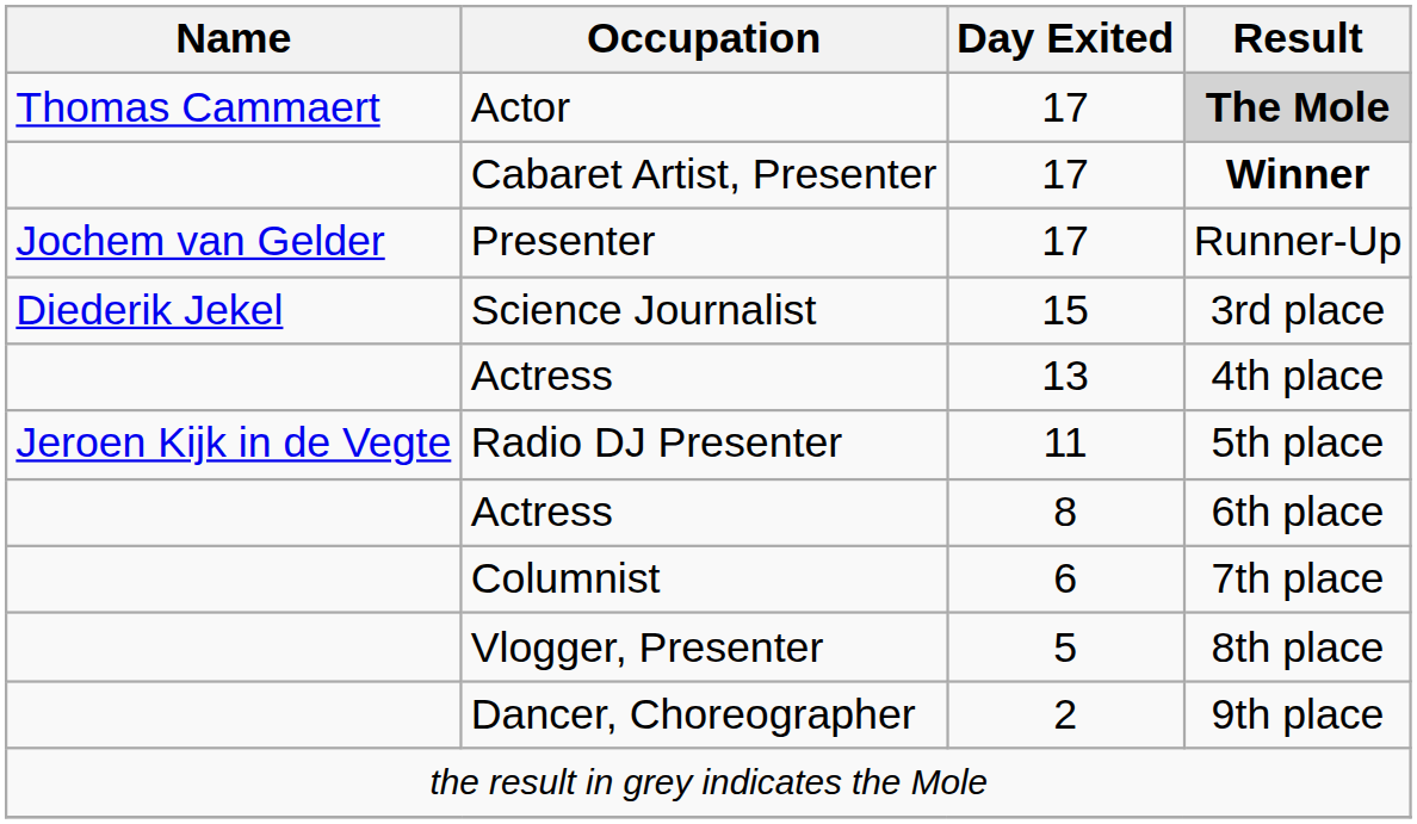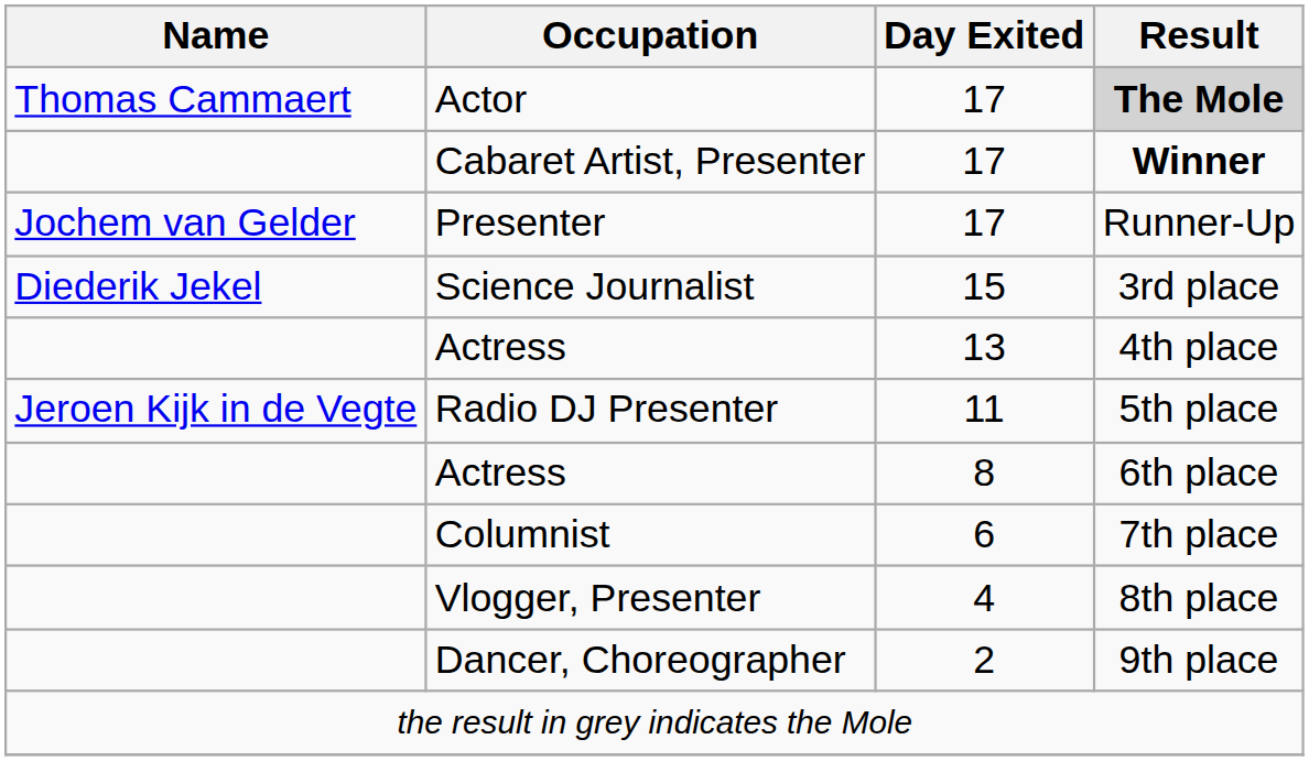 <table class="wikitable sortable" style="text-align:center;">
 <tr>
 <th>Name</th>
 <th>Occupation</th>
 <th>Day Exited</th>
 <th>Result</th>
 </tr>
 <tr>
 <td style="text-align:left"><a href='#'>Thomas Cammaert</a></td>
 <td style="text-align:left">Actor</td>
 <td style="text-align:center">17</td>
 <td style=background:lightgray;><strong>The Mole</strong></td>
 </tr>
 <tr>
 <td style="text-align:left"></td>
 <td style="text-align:left">Cabaret Artist, Presenter</td>
 <td style="text-align:center">17</td>
 <td><strong>Winner</strong></td>
 </tr>
 <tr>
 <td style="text-align:left"><a href='#'>Jochem van Gelder</a></td>
 <td style="text-align:left">Presenter</td>
 <td style="text-align:center">17</td>
 <td>Runner-Up</td>
 </tr>
 <tr>
 <td style="text-align:left"><a href='#'>Diederik Jekel</a></td>
 <td style="text-align:left">Science Journalist</td>
 <td style="text-align:center">15</td>
 <td>3rd place</td>
 </tr>
 <tr>
 <td style="text-align:left"></td>
 <td style="text-align:left">Actress</td>
 <td style="text-align:center">13</td>
 <td>4th place</td>
 </tr>
 <tr>
 <td style="text-align:left"><a href='#'>Jeroen Kijk in de Vegte</a></td>
 <td style="text-align:left">Radio DJ Presenter</td>
 <td style="text-align:center">11</td>
 <td>5th place</td>
 </tr>
 <tr>
 <td style="text-align:left"></td>
 <td style="text-align:left">Actress</td>
 <td style="text-align:center">8</td>
 <td>6th place</td>
 </tr>
 <tr>
 <td style="text-align:left"></td>
 <td style="text-align:left">Columnist</td>
 <td style="text-align:center">6</td>
 <td>7th place</td>
 </tr>
 <tr>
 <td style="text-align:left"></td>
 <td style="text-align:left">Vlogger, Presenter</td>
-<td style="text-align:center">5</td>
+<td style="text-align:center">4</td>
 <td>8th place</td>
 </tr>
 <tr>
 <td style="text-align:left"></td>
 <td style="text-align:left">Dancer, Choreographer</td>
 <td style="text-align:center">2</td>
 <td>9th place</td>
 </tr>
 <tr>
 <td colspan="4" ; style="text-align:center"><small><em>the result in grey indicates the Mole</em></small></td>
 </tr>
 <tr>
 </tr>
 </table>
